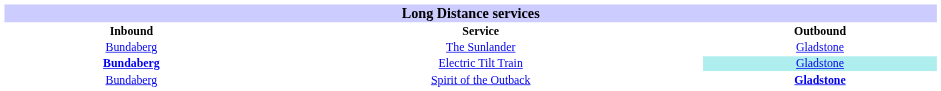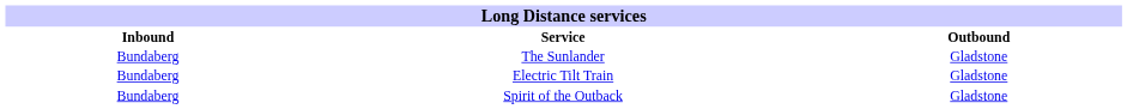 <table align=center class=toccolours width="100%" style="margin: 0em 0em 0em 0em; clear: both;">
 <tr>
 <th style="background:#ccccff; font-size: 120%;" align="center" colspan="5">Long Distance services</th>
 </tr>
 <tr>
 <th>Inbound</th>
 <th colspan="3">Service</th>
 <th>Outbound</th>
 </tr>
 <tr align="center">
 <td><a href='#'>Bundaberg</a></td>
 <td colspan="3"><a href='#'>The Sunlander</a></td>
 <td><a href='#'>Gladstone</a></td>
 </tr>
 <tr align="center">
-<td><strong><a href='#'>Bundaberg</a></strong></td>
+<td><a href='#'>Bundaberg</a></td>
 <td colspan="3"><a href='#'>Electric Tilt Train</a></td>
-<td style="background: paleturquoise;"><a href='#'>Gladstone</a></td>
+<td><a href='#'>Gladstone</a></td>
 </tr>
 <tr align="center">
 <td><a href='#'>Bundaberg</a></td>
 <td colspan="3"><a href='#'>Spirit of the Outback</a></td>
-<td><strong><a href='#'>Gladstone</a></strong></td>
+<td><a href='#'>Gladstone</a></td>
 </tr>
 </table>
